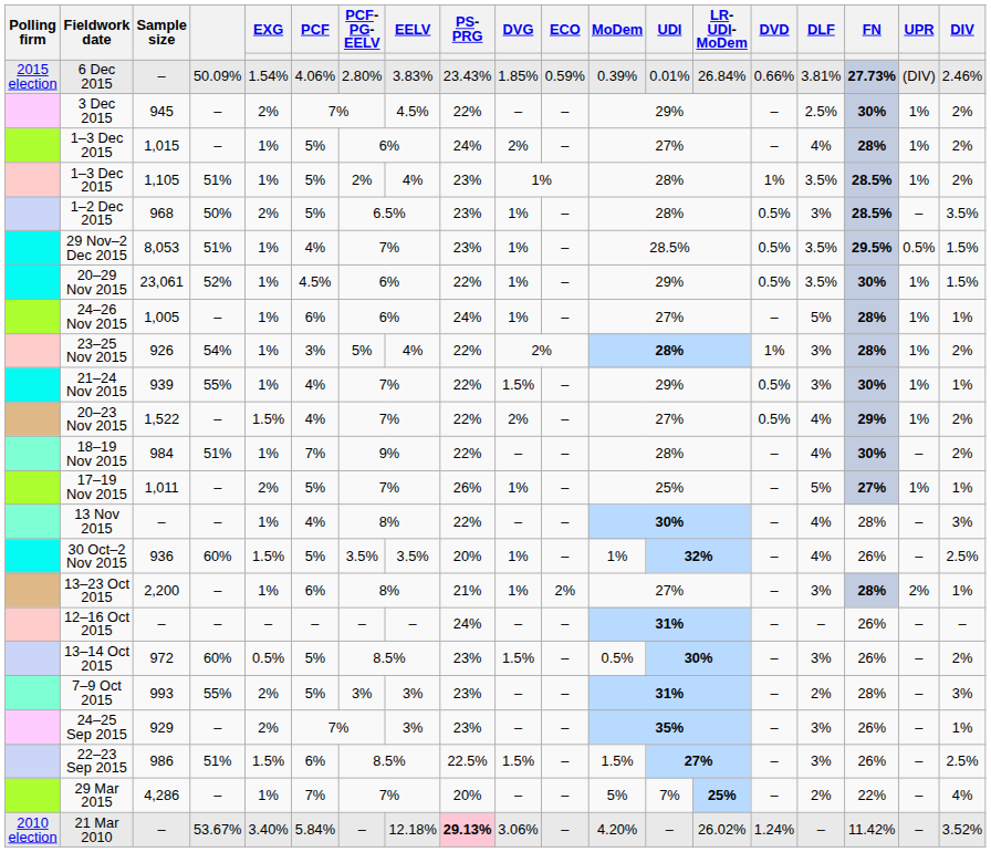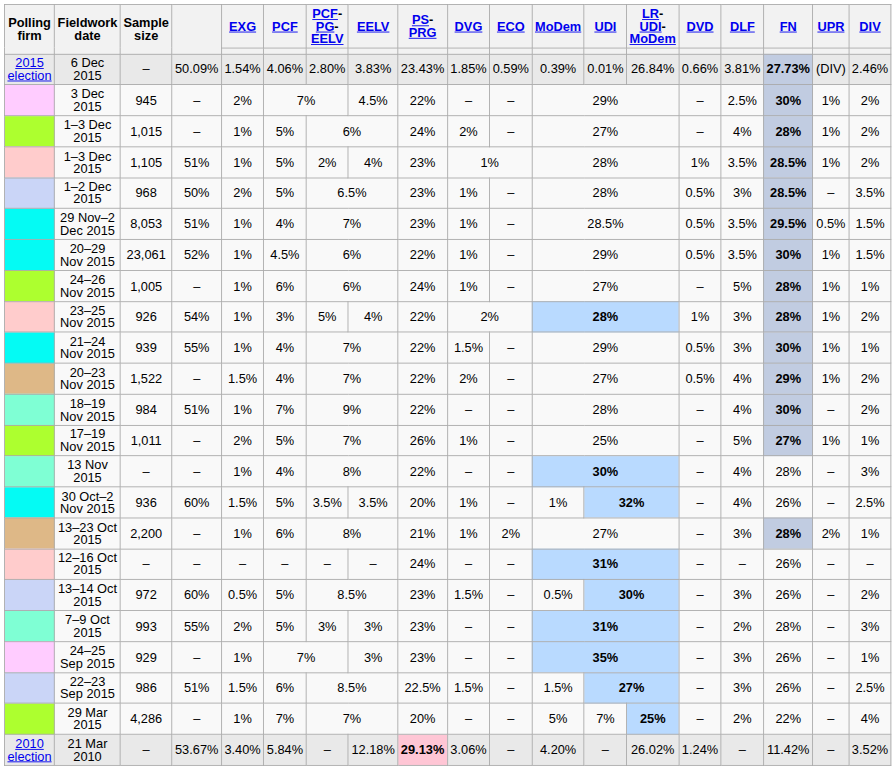 <table class="wikitable sortable" style="text-align:center;font-size:90%;line-height:14px;">
 <tr style="height:40px;">
 <th style="width:100px;" rowspan="2">Polling firm</th>
 <th style="width:110px;" rowspan="2">Fieldwork date</th>
 <th style="width:35px;" rowspan="2">Sample<br>size</th>
 <th style="width:30px;" rowspan="2"></th>
 <th class="unsortable" style="width:40px;"><a href='#'>EXG</a></th>
 <th class="unsortable" style="width:40px;"><a href='#'>PCF</a></th>
 <th class="unsortable" style="width:40px;"><a href='#'>PCF</a>-<a href='#'>PG</a>-<a href='#'>EELV</a></th>
 <th class="unsortable" style="width:40px;"><a href='#'>EELV</a></th>
 <th class="unsortable" style="width:40px;"><a href='#'>PS</a>-<a href='#'>PRG</a></th>
 <th class="unsortable" style="width:40px;"><a href='#'>DVG</a></th>
 <th class="unsortable" style="width:40px;"><a href='#'>ECO</a></th>
 <th class="unsortable" style="width:40px;"><a href='#'>MoDem</a></th>
 <th class="unsortable" style="width:40px;"><a href='#'>UDI</a></th>
 <th class="unsortable" style="width:40px;"><a href='#'>LR</a>-<a href='#'>UDI</a>-<a href='#'>MoDem</a></th>
 <th class="unsortable" style="width:40px;"><a href='#'>DVD</a></th>
 <th class="unsortable" style="width:40px;"><a href='#'>DLF</a></th>
 <th class="unsortable" style="width:40px;"><a href='#'>FN</a></th>
 <th class="unsortable" style="width:40px;"><a href='#'>UPR</a></th>
 <th class="unsortable" style="width:40px;"><a href='#'>DIV</a></th>
 </tr>
 <tr>
 <th style="background:"></th>
 <th style="background:"></th>
 <th style="background:"></th>
 <th style="background:"></th>
 <th style="background:"></th>
 <th style="background:"></th>
 <th style="background:"></th>
 <th style="background:"></th>
 <th style="background:"></th>
 <th style="background:"></th>
 <th style="background:"></th>
 <th style="background:"></th>
 <th style="background:"></th>
 <th style="background:"></th>
 <th style="background:"></th>
 </tr>
 <tr style="background:#E9E9E9;">
 <td><a href='#'>2015 election</a></td>
 <td data-sort-value="2015-12-06">6 Dec 2015</td>
 <td>–</td>
 <td>50.09%</td>
 <td>1.54%</td>
 <td>4.06%</td>
 <td>2.80%</td>
 <td>3.83%</td>
 <td>23.43%</td>
 <td>1.85%</td>
 <td>0.59%</td>
 <td>0.39%</td>
 <td>0.01%</td>
 <td>26.84%</td>
 <td>0.66%</td>
 <td>3.81%</td>
 <td style="background:#C1CCE1;"><strong>27.73%</strong></td>
 <td>(DIV)</td>
 <td>2.46%</td>
 </tr>
 <tr>
 <td style="background:#FFCCFF;"></td>
 <td data-sort-value="2015-12-03">3 Dec 2015</td>
 <td>945</td>
 <td>–</td>
 <td>2%</td>
 <td colspan="2">7%</td>
 <td>4.5%</td>
 <td>22%</td>
 <td>–</td>
 <td>–</td>
 <td colspan="3">29%</td>
 <td>–</td>
 <td>2.5%</td>
 <td style="background:#C1CCE1;"><strong>30%</strong></td>
 <td>1%</td>
 <td>2%</td>
 </tr>
 <tr>
 <td style="background:GreenYellow;"></td>
 <td data-sort-value="2015-12-03">1–3 Dec 2015</td>
 <td>1,015</td>
 <td>–</td>
 <td>1%</td>
 <td>5%</td>
 <td colspan="2">6%</td>
 <td>24%</td>
 <td>2%</td>
 <td>–</td>
 <td colspan="3">27%</td>
 <td>–</td>
 <td>4%</td>
 <td style="background:#C1CCE1;"><strong>28%</strong></td>
 <td>1%</td>
 <td>2%</td>
 </tr>
 <tr>
 <td style="background:#FFCCCC;"></td>
 <td data-sort-value="2015-12-03">1–3 Dec 2015</td>
 <td>1,105</td>
 <td>51%</td>
 <td>1%</td>
 <td>5%</td>
 <td>2%</td>
 <td>4%</td>
 <td>23%</td>
 <td colspan="2">1%</td>
 <td colspan="3">28%</td>
 <td>1%</td>
 <td>3.5%</td>
 <td style="background:#C1CCE1;"><strong>28.5%</strong></td>
 <td>1%</td>
 <td>2%</td>
 </tr>
 <tr>
 <td style="background:#CAD5F7;"></td>
 <td data-sort-value="2015-12-02">1–2 Dec 2015</td>
 <td>968</td>
 <td>50%</td>
 <td>2%</td>
 <td>5%</td>
 <td colspan="2">6.5%</td>
 <td>23%</td>
 <td>1%</td>
 <td>–</td>
 <td colspan="3">28%</td>
 <td>0.5%</td>
 <td>3%</td>
 <td style="background:#C1CCE1;"><strong>28.5%</strong></td>
 <td>–</td>
 <td>3.5%</td>
 </tr>
 <tr>
 <td style="background:#04FBF4;"></td>
 <td data-sort-value="2015-12-02">29 Nov–2 Dec 2015</td>
 <td>8,053</td>
 <td>51%</td>
 <td>1%</td>
 <td>4%</td>
 <td colspan="2">7%</td>
 <td>23%</td>
 <td>1%</td>
 <td>–</td>
 <td colspan="3">28.5%</td>
 <td>0.5%</td>
 <td>3.5%</td>
 <td style="background:#C1CCE1;"><strong>29.5%</strong></td>
 <td>0.5%</td>
 <td>1.5%</td>
 </tr>
 <tr>
 <td style="background:#04FBF4;"></td>
 <td data-sort-value="2015-11-29">20–29 Nov 2015</td>
 <td>23,061</td>
 <td>52%</td>
 <td>1%</td>
 <td>4.5%</td>
 <td colspan="2">6%</td>
 <td>22%</td>
 <td>1%</td>
 <td>–</td>
 <td colspan="3">29%</td>
 <td>0.5%</td>
 <td>3.5%</td>
 <td style="background:#C1CCE1;"><strong>30%</strong></td>
 <td>1%</td>
 <td>1.5%</td>
 </tr>
 <tr>
 <td style="background:GreenYellow;"></td>
 <td data-sort-value="2015-11-26">24–26 Nov 2015</td>
 <td>1,005</td>
 <td>–</td>
 <td>1%</td>
 <td>6%</td>
 <td colspan="2">6%</td>
 <td>24%</td>
 <td>1%</td>
 <td>–</td>
 <td colspan="3">27%</td>
 <td>–</td>
 <td>5%</td>
 <td style="background:#C1CCE1;"><strong>28%</strong></td>
 <td>1%</td>
 <td>1%</td>
 </tr>
 <tr>
 <td style="background:#FFCCCC;"></td>
 <td data-sort-value="2015-11-25">23–25 Nov 2015</td>
 <td>926</td>
 <td>54%</td>
 <td>1%</td>
 <td>3%</td>
 <td>5%</td>
 <td>4%</td>
 <td>22%</td>
 <td colspan="2">2%</td>
 <td style="background:#B9DAFF;" colspan="3"><strong>28%</strong></td>
 <td>1%</td>
 <td>3%</td>
 <td style="background:#C1CCE1;"><strong>28%</strong></td>
 <td>1%</td>
 <td>2%</td>
 </tr>
 <tr>
 <td style="background:#04FBF4;"></td>
 <td data-sort-value="2015-11-24">21–24 Nov 2015</td>
 <td>939</td>
 <td>55%</td>
 <td>1%</td>
 <td>4%</td>
 <td colspan="2">7%</td>
 <td>22%</td>
 <td>1.5%</td>
 <td>–</td>
 <td colspan="3">29%</td>
 <td>0.5%</td>
 <td>3%</td>
 <td style="background:#C1CCE1;"><strong>30%</strong></td>
 <td>1%</td>
 <td>1%</td>
 </tr>
 <tr>
 <td style="background:burlywood;"></td>
 <td data-sort-value="2015-11-23">20–23 Nov 2015</td>
 <td>1,522</td>
 <td>–</td>
 <td>1.5%</td>
 <td>4%</td>
 <td colspan="2">7%</td>
 <td>22%</td>
 <td>2%</td>
 <td>–</td>
 <td colspan="3">27%</td>
 <td>0.5%</td>
 <td>4%</td>
 <td style="background:#C1CCE1;"><strong>29%</strong></td>
 <td>1%</td>
 <td>2%</td>
 </tr>
 <tr>
 <td style="background:aquamarine;"></td>
 <td data-sort-value="2015-11-19">18–19 Nov 2015</td>
 <td>984</td>
 <td>51%</td>
 <td>1%</td>
 <td>7%</td>
 <td colspan="2">9%</td>
 <td>22%</td>
 <td>–</td>
 <td>–</td>
 <td colspan="3">28%</td>
 <td>–</td>
 <td>4%</td>
 <td style="background:#C1CCE1;"><strong>30%</strong></td>
 <td>–</td>
 <td>2%</td>
 </tr>
 <tr>
 <td style="background:GreenYellow;"></td>
 <td data-sort-value="2015-11-19">17–19 Nov 2015</td>
 <td>1,011</td>
 <td>–</td>
 <td>2%</td>
 <td>5%</td>
 <td colspan="2">7%</td>
 <td>26%</td>
 <td>1%</td>
 <td>–</td>
 <td colspan="3">25%</td>
 <td>–</td>
 <td>5%</td>
 <td style="background:#C1CCE1;"><strong>27%</strong></td>
 <td>1%</td>
 <td>1%</td>
 </tr>
 <tr>
 <td style="background:aquamarine;"></td>
 <td data-sort-value="2015-11-13">13 Nov 2015</td>
 <td>–</td>
 <td>–</td>
 <td>1%</td>
 <td>4%</td>
 <td colspan="2">8%</td>
 <td>22%</td>
 <td>–</td>
 <td>–</td>
 <td style="background:#B9DAFF;" colspan="3"><strong>30%</strong></td>
 <td>–</td>
 <td>4%</td>
 <td>28%</td>
 <td>–</td>
 <td>3%</td>
 </tr>
 <tr>
 <td style="background:#04FBF4;"></td>
 <td data-sort-value="2015-11-02">30 Oct–2 Nov 2015</td>
 <td>936</td>
 <td>60%</td>
 <td>1.5%</td>
 <td>5%</td>
 <td>3.5%</td>
 <td>3.5%</td>
 <td>20%</td>
 <td>1%</td>
 <td>–</td>
 <td>1%</td>
 <td style="background:#B9DAFF;" colspan="2"><strong>32%</strong></td>
 <td>–</td>
 <td>4%</td>
 <td>26%</td>
 <td>–</td>
 <td>2.5%</td>
 </tr>
 <tr>
 <td style="background:burlywood;"></td>
 <td data-sort-value="2015-10-23">13–23 Oct 2015</td>
 <td>2,200</td>
 <td>–</td>
 <td>1%</td>
 <td>6%</td>
 <td colspan="2">8%</td>
 <td>21%</td>
 <td>1%</td>
 <td>2%</td>
 <td colspan="3">27%</td>
 <td>–</td>
 <td>3%</td>
 <td style="background:#C1CCE1;"><strong>28%</strong></td>
 <td>2%</td>
 <td>1%</td>
 </tr>
 <tr>
 <td style="background:#FFCCCC;"></td>
 <td data-sort-value="2015-10-16">12–16 Oct 2015</td>
 <td>–</td>
 <td>–</td>
 <td>–</td>
 <td>–</td>
 <td>–</td>
 <td>–</td>
 <td>24%</td>
 <td>–</td>
 <td>–</td>
 <td style="background:#B9DAFF;" colspan="3"><strong>31%</strong></td>
 <td>–</td>
 <td>–</td>
 <td>26%</td>
 <td>–</td>
 <td>–</td>
 </tr>
 <tr>
 <td style="background:#CAD5F7;"></td>
 <td data-sort-value="2015-10-14">13–14 Oct 2015</td>
 <td>972</td>
 <td>60%</td>
 <td>0.5%</td>
 <td>5%</td>
 <td colspan="2">8.5%</td>
 <td>23%</td>
 <td>1.5%</td>
 <td>–</td>
 <td>0.5%</td>
 <td style="background:#B9DAFF;" colspan="2"><strong>30%</strong></td>
 <td>–</td>
 <td>3%</td>
 <td>26%</td>
 <td>–</td>
 <td>2%</td>
 </tr>
 <tr>
 <td style="background:aquamarine;"></td>
 <td data-sort-value="2015-10-09">7–9 Oct 2015</td>
 <td>993</td>
 <td>55%</td>
 <td>2%</td>
 <td>5%</td>
 <td>3%</td>
 <td>3%</td>
 <td>23%</td>
 <td>–</td>
 <td>–</td>
 <td style="background:#B9DAFF;" colspan="3"><strong>31%</strong></td>
 <td>–</td>
 <td>2%</td>
 <td>28%</td>
 <td>–</td>
 <td>3%</td>
 </tr>
 <tr>
 <td style="background:#FFCCFF;"></td>
 <td data-sort-value="2015-09-25">24–25 Sep 2015</td>
 <td>929</td>
 <td>–</td>
-<td>2%</td>
+<td>1%</td>
 <td colspan="2">7%</td>
 <td>3%</td>
 <td>23%</td>
 <td>–</td>
 <td>–</td>
 <td style="background:#B9DAFF;" colspan="3"><strong>35%</strong></td>
 <td>–</td>
 <td>3%</td>
 <td>26%</td>
 <td>–</td>
 <td>1%</td>
 </tr>
 <tr>
 <td style="background:#CAD5F7;"></td>
 <td data-sort-value="2015-09-23">22–23 Sep 2015</td>
 <td>986</td>
 <td>51%</td>
 <td>1.5%</td>
 <td>6%</td>
 <td colspan="2">8.5%</td>
 <td>22.5%</td>
 <td>1.5%</td>
 <td>–</td>
 <td>1.5%</td>
 <td style="background:#B9DAFF;" colspan="2"><strong>27%</strong></td>
 <td>–</td>
 <td>3%</td>
 <td>26%</td>
 <td>–</td>
 <td>2.5%</td>
 </tr>
 <tr>
 <td style="background:GreenYellow;"></td>
 <td data-sort-value="2015-03-29">29 Mar 2015</td>
 <td>4,286</td>
 <td>–</td>
 <td>1%</td>
 <td>7%</td>
 <td colspan="2">7%</td>
 <td>20%</td>
 <td>–</td>
 <td>–</td>
 <td>5%</td>
 <td>7%</td>
 <td style="background:#B9DAFF;"><strong>25%</strong></td>
 <td>–</td>
 <td>2%</td>
 <td>22%</td>
 <td>–</td>
 <td>4%</td>
 </tr>
 <tr style="background:#E9E9E9;">
 <td><a href='#'>2010 election</a></td>
 <td data-sort-value="2010-03-21">21 Mar 2010</td>
 <td>–</td>
 <td>53.67%</td>
 <td>3.40%</td>
 <td>5.84%</td>
 <td>–</td>
 <td>12.18%</td>
 <td style="background:#FFC6D5;"><strong>29.13%</strong></td>
 <td>3.06%</td>
 <td>–</td>
 <td>4.20%</td>
 <td>–</td>
 <td>26.02%</td>
 <td>1.24%</td>
 <td>–</td>
 <td>11.42%</td>
 <td>–</td>
 <td>3.52%</td>
 </tr>
 </table>
